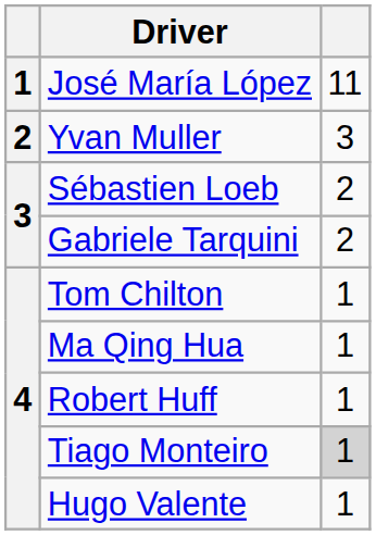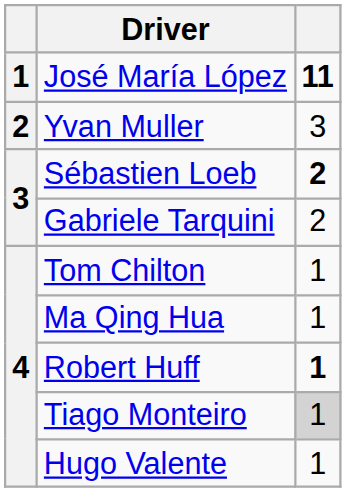 <table class="wikitable" style="font-size:85%">
 <tr>
 <th></th>
 <th>Driver</th>
 <th></th>
 </tr>
 <tr>
 <th>1</th>
 <td> <a href='#'>José María López</a></td>
-<td align=center>11</td>
+<td align=center><strong>11</strong></td>
 </tr>
 <tr>
 <th>2</th>
 <td> <a href='#'>Yvan Muller</a></td>
 <td align=center>3</td>
 </tr>
 <tr>
 <th rowspan=2>3</th>
 <td> <a href='#'>Sébastien Loeb</a></td>
-<td align=center>2</td>
+<td align=center><strong>2</strong></td>
 </tr>
 <tr>
 <td> <a href='#'>Gabriele Tarquini</a></td>
 <td align=center>2</td>
 </tr>
 <tr>
 <th rowspan=5>4</th>
 <td> <a href='#'>Tom Chilton</a></td>
 <td align=center>1</td>
 </tr>
 <tr>
 <td> <a href='#'>Ma Qing Hua</a></td>
 <td align=center>1</td>
 </tr>
 <tr>
 <td> <a href='#'>Robert Huff</a></td>
-<td align=center>1</td>
+<td align=center><strong>1</strong></td>
 </tr>
 <tr>
 <td> <a href='#'>Tiago Monteiro</a></td>
 <td align=center style="background: lightgrey;">1</td>
 </tr>
 <tr>
 <td> <a href='#'>Hugo Valente</a></td>
 <td align=center>1</td>
 </tr>
 </table>
